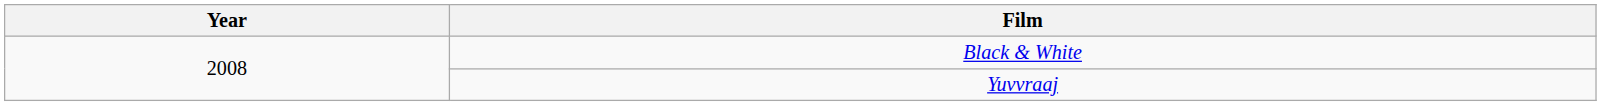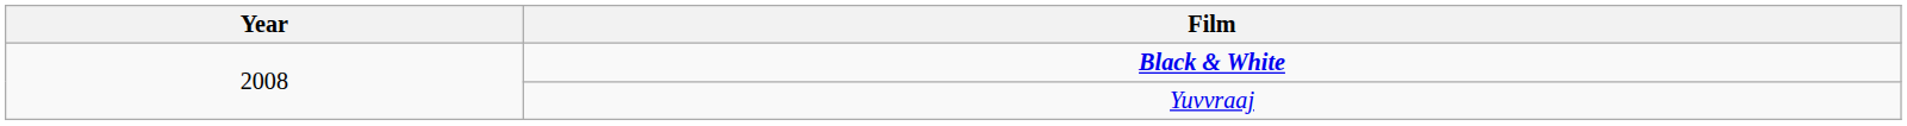 <table class="wikitable" sortable" style="width: 100%; text-align: center;">
 <tr>
 <th>Year</th>
 <th>Film</th>
 </tr>
 <tr>
 <td rowspan=2>2008</td>
-<td><em><a href='#'>Black & White</a></em></td>
+<td><strong><em><a href='#'>Black & White</a></em></strong></td>
 </tr>
 <tr>
 <td><em><a href='#'>Yuvvraaj</a></em></td>
 </tr>
 </table>
